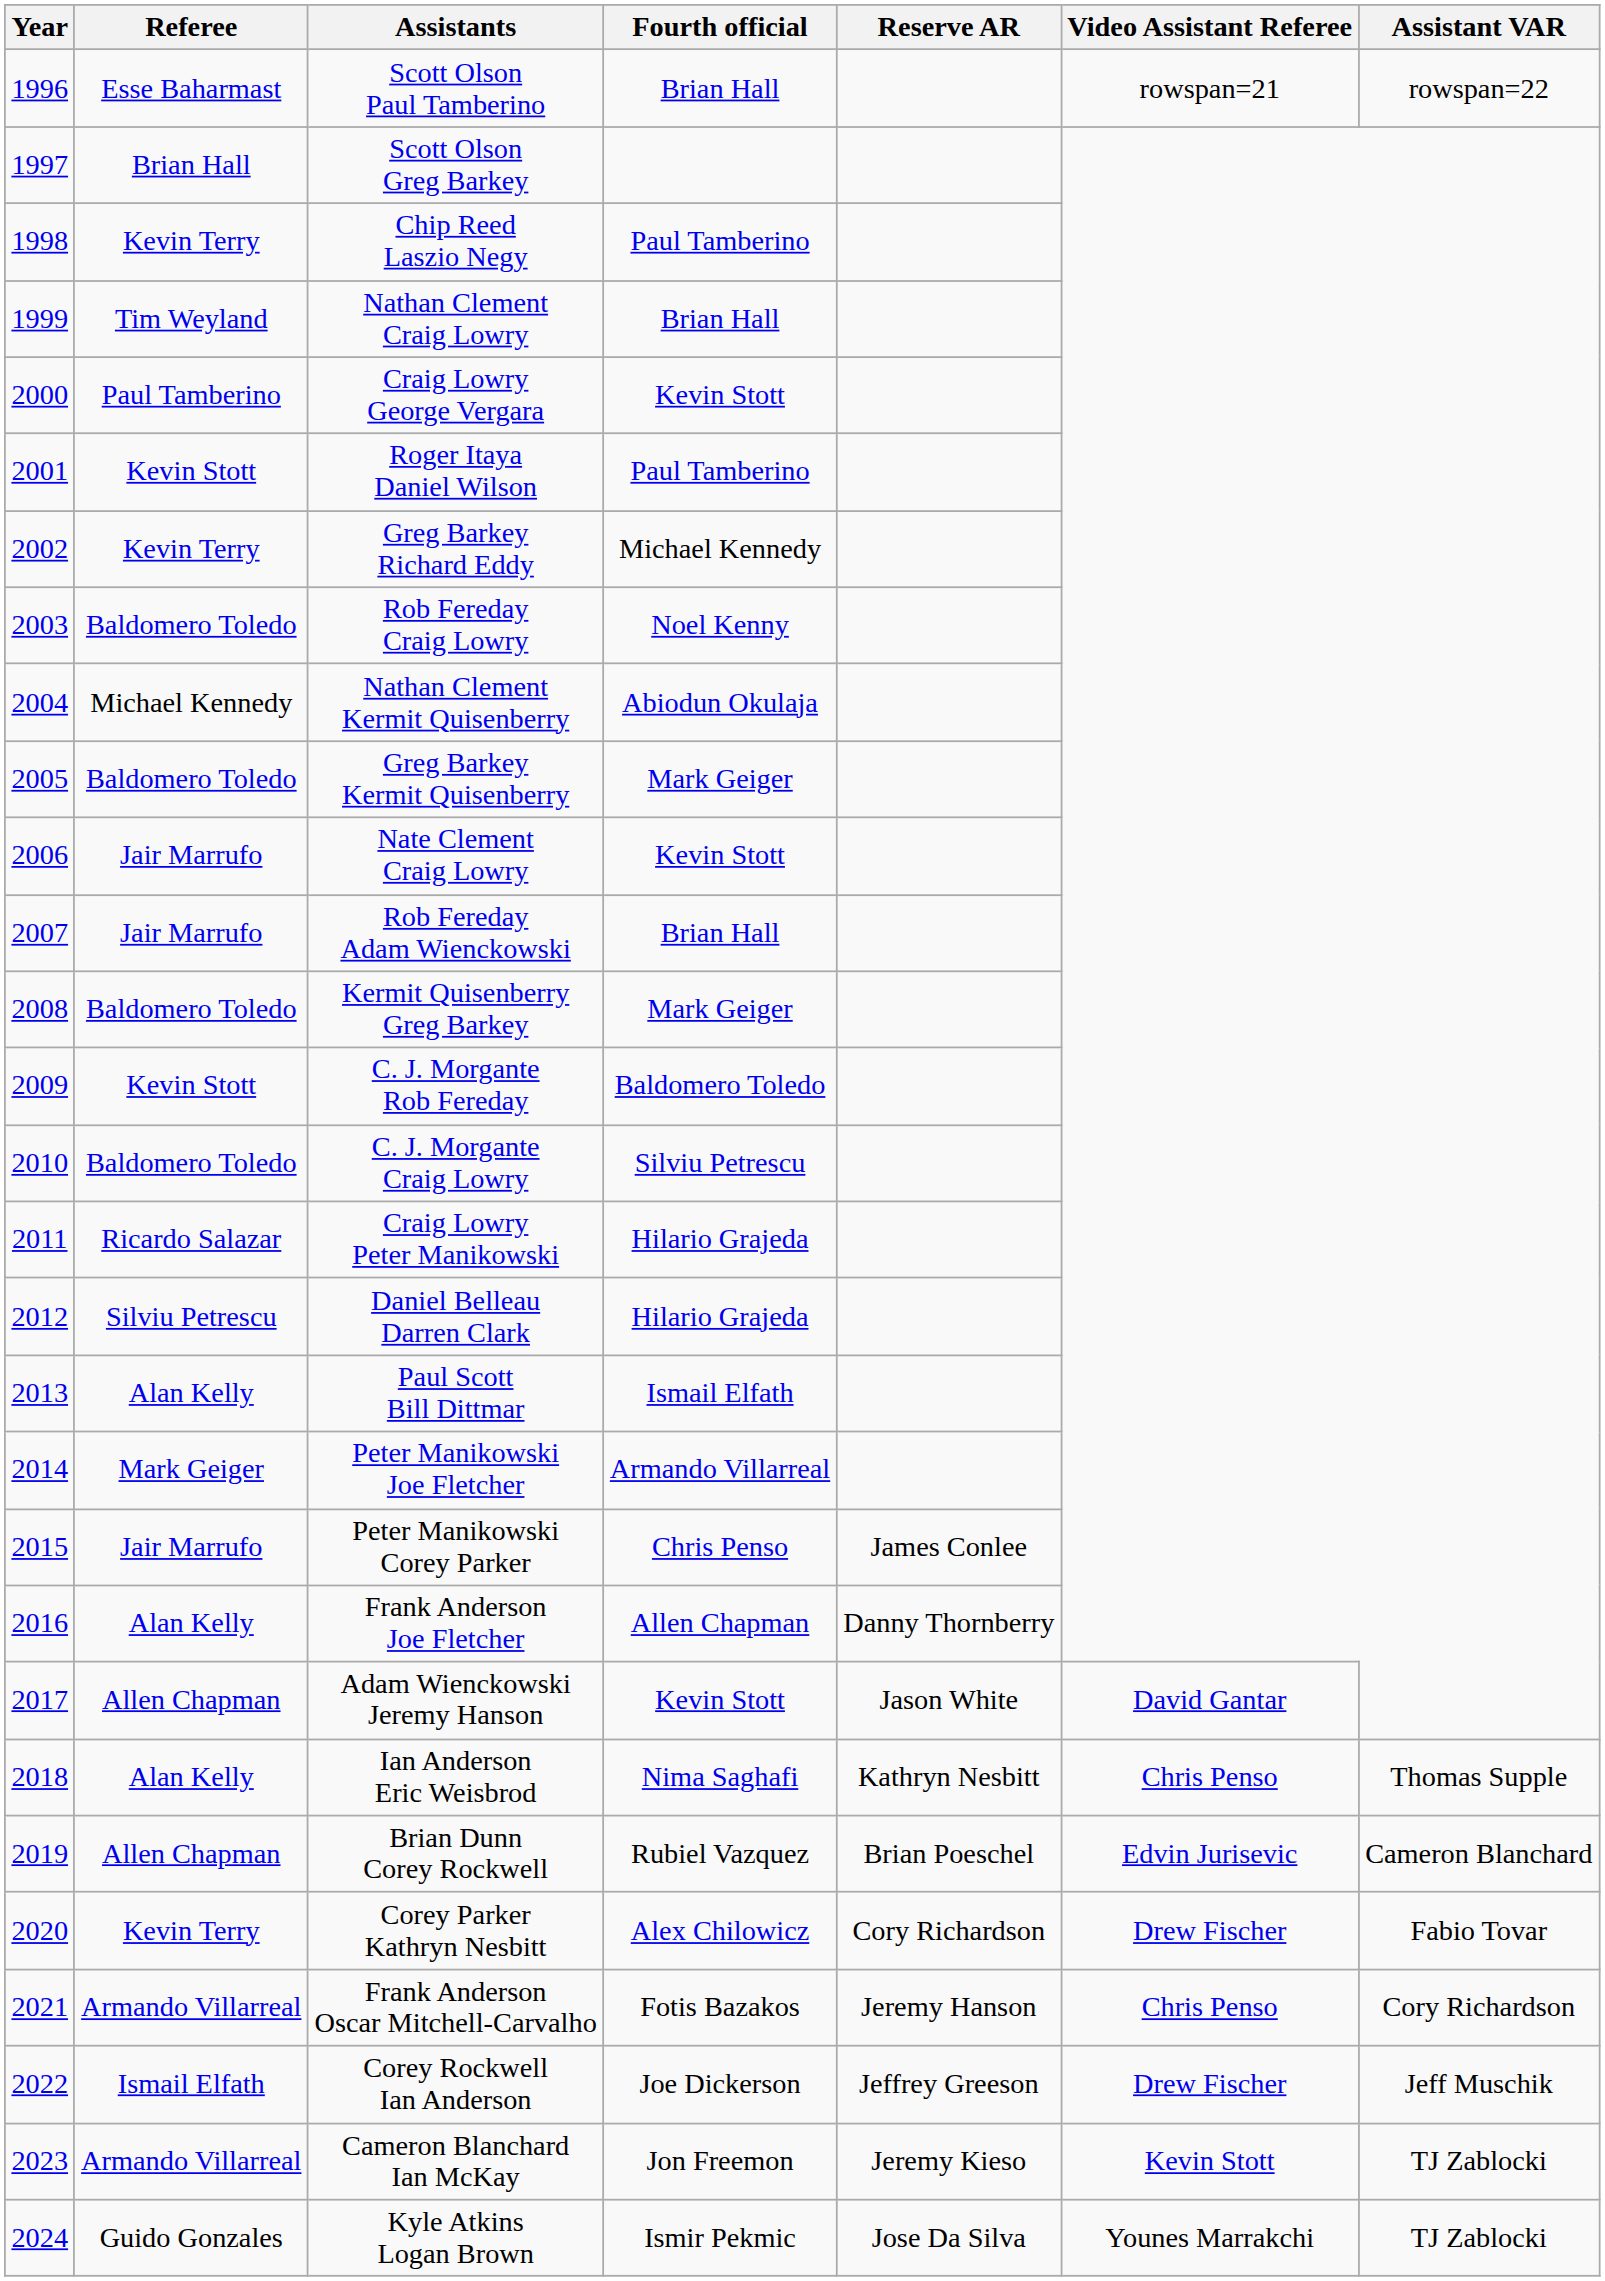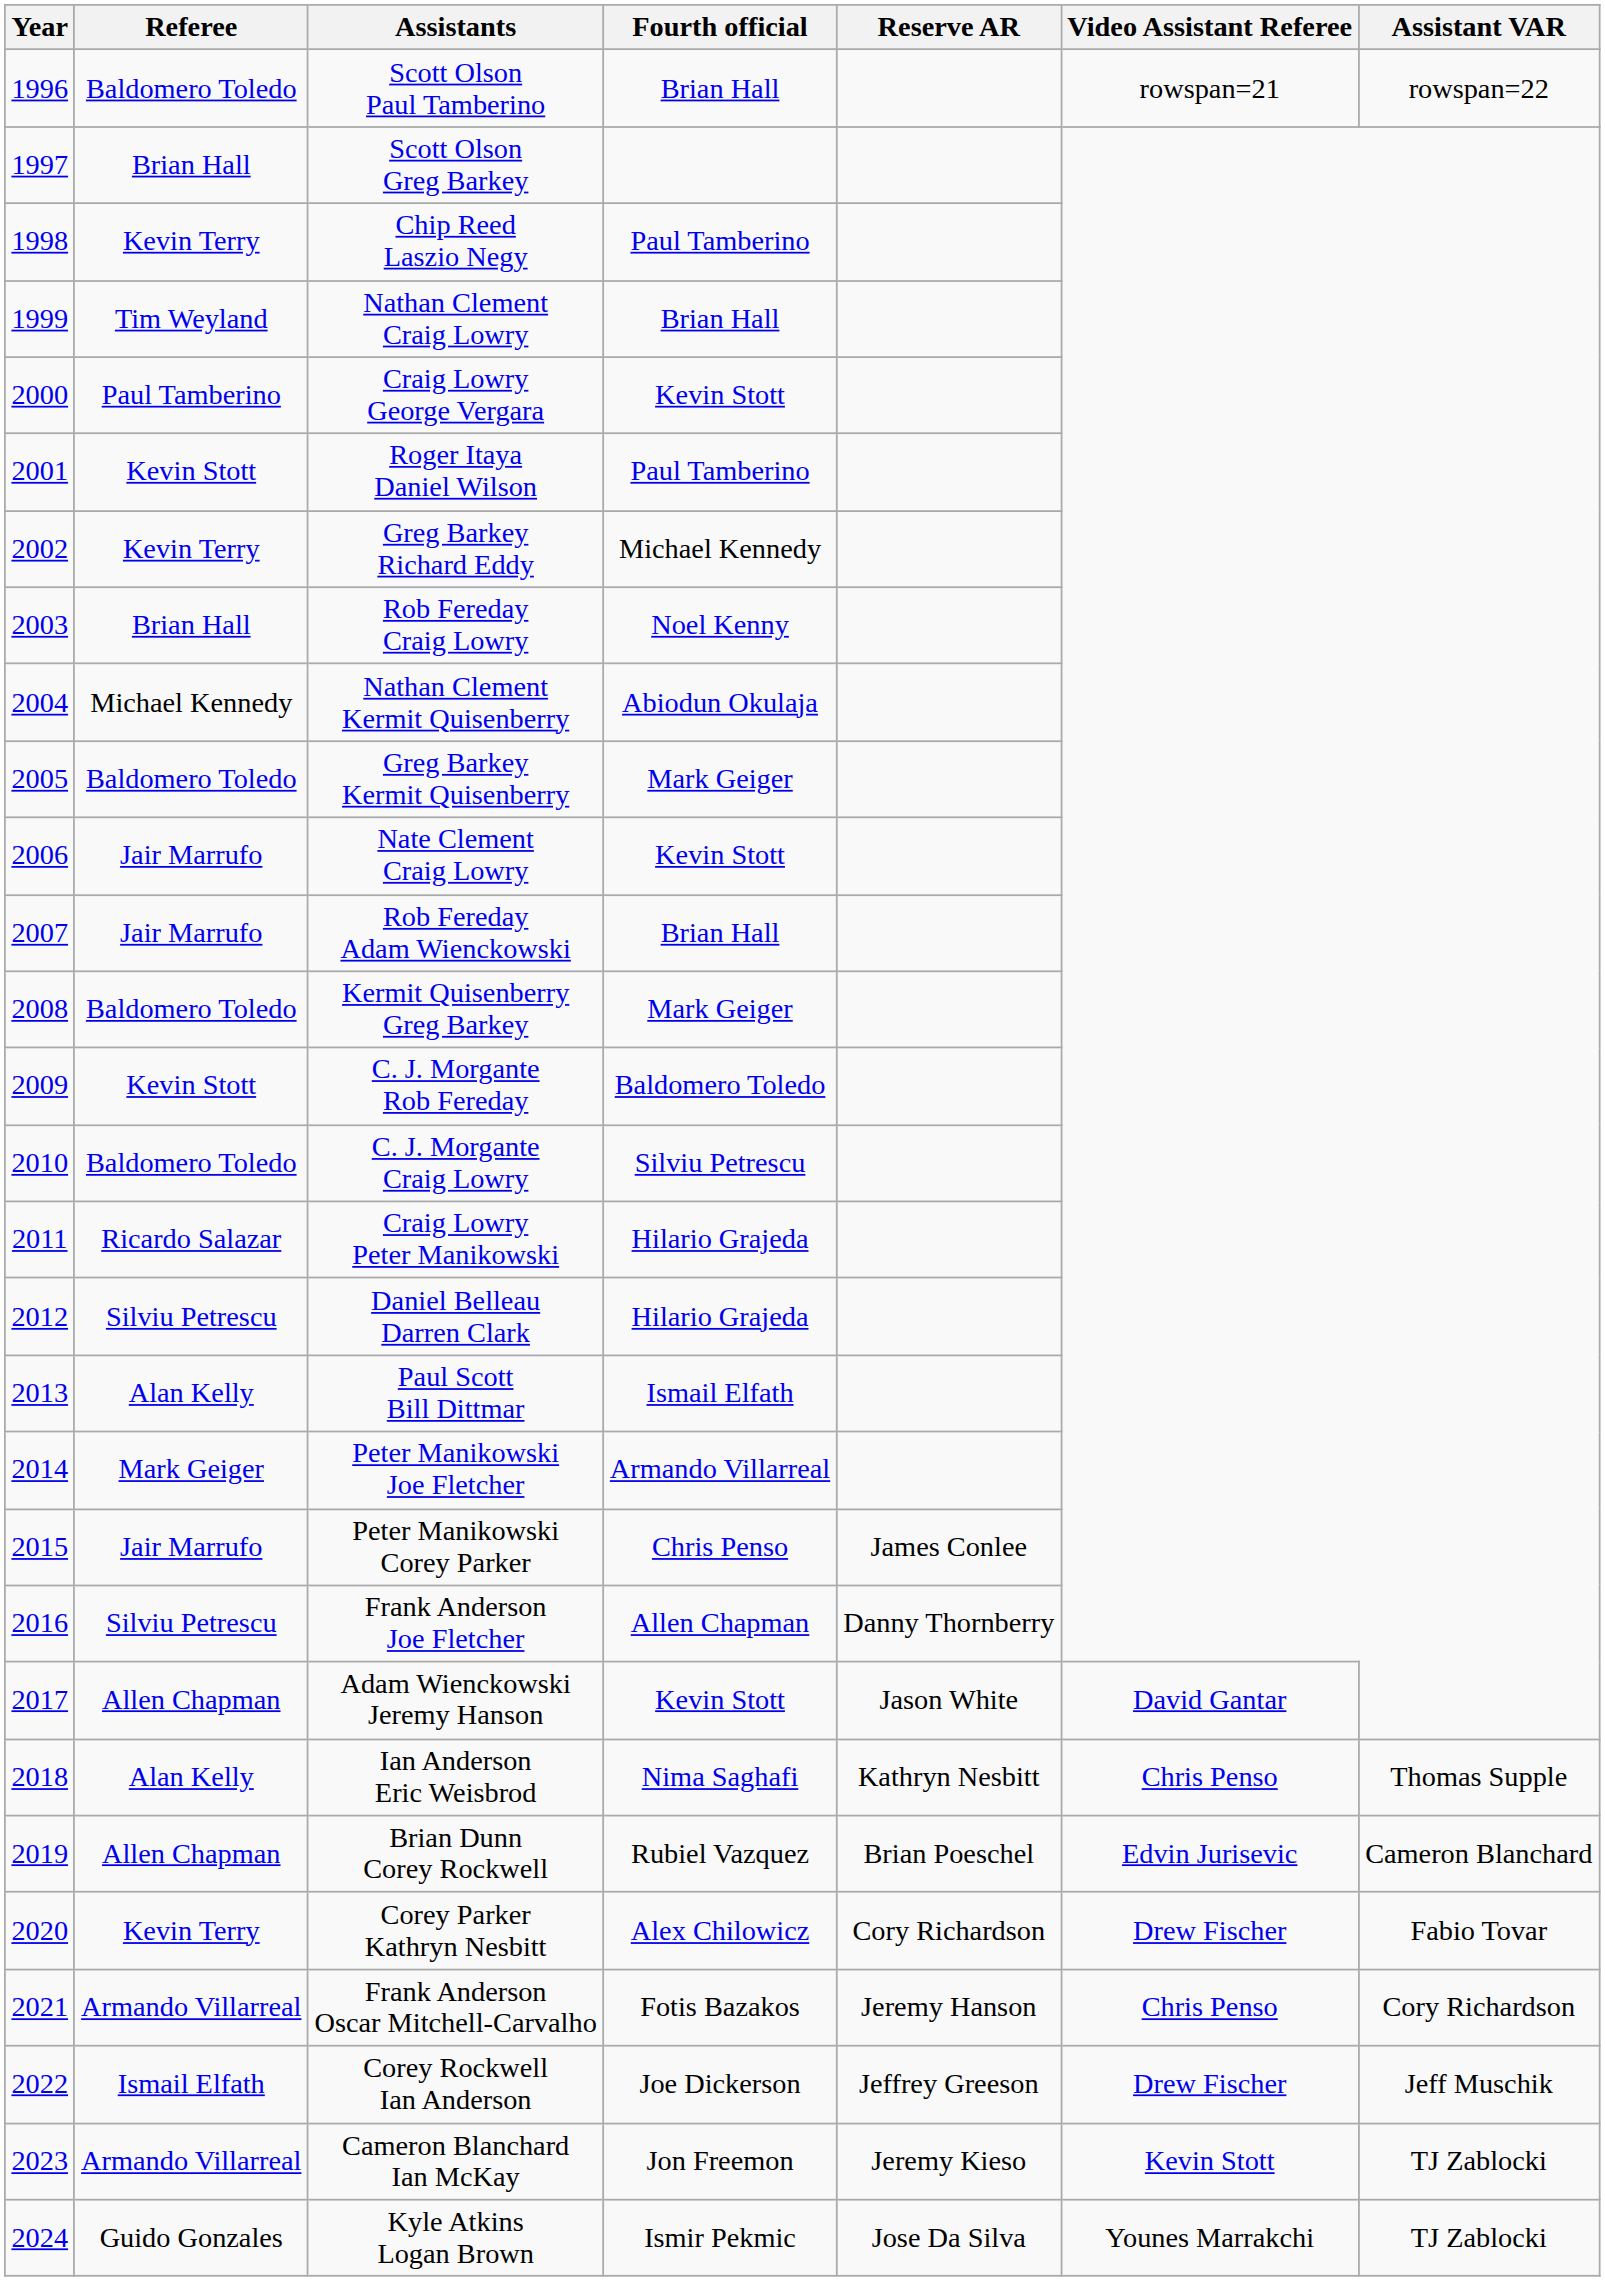 <table class="wikitable" style="text-align:center">
 <tr>
 <th>Year</th>
 <th>Referee</th>
 <th>Assistants</th>
 <th>Fourth official</th>
 <th>Reserve AR</th>
 <th>Video Assistant Referee</th>
 <th>Assistant VAR</th>
 </tr>
 <tr>
 <td><a href='#'>1996</a></td>
-<td><a href='#'>Esse Baharmast</a></td>
+<td><a href='#'>Baldomero Toledo</a></td>
 <td><a href='#'>Scott Olson</a><br><a href='#'>Paul Tamberino</a></td>
 <td><a href='#'>Brian Hall</a></td>
 <td></td>
 <td>rowspan=21</td>
 <td>rowspan=22</td>
 </tr>
 <tr>
 <td><a href='#'>1997</a></td>
 <td><a href='#'>Brian Hall</a></td>
 <td><a href='#'>Scott Olson</a><br><a href='#'>Greg Barkey</a></td>
 <td></td>
 <td></td>
 </tr>
 <tr>
 <td><a href='#'>1998</a></td>
 <td><a href='#'>Kevin Terry</a></td>
 <td><a href='#'>Chip Reed</a><br><a href='#'>Laszio Negy</a></td>
 <td><a href='#'>Paul Tamberino</a></td>
 <td></td>
 </tr>
 <tr>
 <td><a href='#'>1999</a></td>
 <td><a href='#'>Tim Weyland</a></td>
 <td><a href='#'>Nathan Clement</a><br><a href='#'>Craig Lowry</a></td>
 <td><a href='#'>Brian Hall</a></td>
 <td></td>
 </tr>
 <tr>
 <td><a href='#'>2000</a></td>
 <td><a href='#'>Paul Tamberino</a></td>
 <td><a href='#'>Craig Lowry</a><br><a href='#'>George Vergara</a></td>
 <td><a href='#'>Kevin Stott</a></td>
 <td></td>
 </tr>
 <tr>
 <td><a href='#'>2001</a></td>
 <td><a href='#'>Kevin Stott</a></td>
 <td><a href='#'>Roger Itaya</a><br><a href='#'>Daniel Wilson</a></td>
 <td><a href='#'>Paul Tamberino</a></td>
 <td></td>
 </tr>
 <tr>
 <td><a href='#'>2002</a></td>
 <td><a href='#'>Kevin Terry</a></td>
 <td><a href='#'>Greg Barkey</a><br><a href='#'>Richard Eddy</a></td>
 <td>Michael Kennedy</td>
 <td></td>
 </tr>
 <tr>
 <td><a href='#'>2003</a></td>
-<td><a href='#'>Baldomero Toledo</a></td>
+<td><a href='#'>Brian Hall</a></td>
 <td><a href='#'>Rob Fereday</a><br><a href='#'>Craig Lowry</a></td>
 <td><a href='#'>Noel Kenny</a></td>
 <td></td>
 </tr>
 <tr>
 <td><a href='#'>2004</a></td>
 <td>Michael Kennedy</td>
 <td><a href='#'>Nathan Clement</a><br><a href='#'>Kermit Quisenberry</a></td>
 <td><a href='#'>Abiodun Okulaja</a></td>
 <td></td>
 </tr>
 <tr>
 <td><a href='#'>2005</a></td>
 <td><a href='#'>Baldomero Toledo</a></td>
 <td><a href='#'>Greg Barkey</a><br><a href='#'>Kermit Quisenberry</a></td>
 <td><a href='#'>Mark Geiger</a></td>
 <td></td>
 </tr>
 <tr>
 <td><a href='#'>2006</a></td>
 <td><a href='#'>Jair Marrufo</a></td>
 <td><a href='#'>Nate Clement</a><br><a href='#'>Craig Lowry</a></td>
 <td><a href='#'>Kevin Stott</a></td>
 <td></td>
 </tr>
 <tr>
 <td><a href='#'>2007</a></td>
 <td><a href='#'>Jair Marrufo</a></td>
 <td><a href='#'>Rob Fereday</a><br><a href='#'>Adam Wienckowski</a></td>
 <td><a href='#'>Brian Hall</a></td>
 <td></td>
 </tr>
 <tr>
 <td><a href='#'>2008</a></td>
 <td><a href='#'>Baldomero Toledo</a></td>
 <td><a href='#'>Kermit Quisenberry</a><br><a href='#'>Greg Barkey</a></td>
 <td><a href='#'>Mark Geiger</a></td>
 <td></td>
 </tr>
 <tr>
 <td><a href='#'>2009</a></td>
 <td><a href='#'>Kevin Stott</a></td>
 <td><a href='#'>C. J. Morgante</a><br><a href='#'>Rob Fereday</a></td>
 <td><a href='#'>Baldomero Toledo</a></td>
 <td></td>
 </tr>
 <tr>
 <td><a href='#'>2010</a></td>
 <td><a href='#'>Baldomero Toledo</a></td>
 <td><a href='#'>C. J. Morgante</a><br><a href='#'>Craig Lowry</a></td>
 <td><a href='#'>Silviu Petrescu</a></td>
 <td></td>
 </tr>
 <tr>
 <td><a href='#'>2011</a></td>
 <td><a href='#'>Ricardo Salazar</a></td>
 <td><a href='#'>Craig Lowry</a><br><a href='#'>Peter Manikowski</a></td>
 <td><a href='#'>Hilario Grajeda</a></td>
 <td></td>
 </tr>
 <tr>
 <td><a href='#'>2012</a></td>
 <td><a href='#'>Silviu Petrescu</a></td>
 <td><a href='#'>Daniel Belleau</a><br><a href='#'>Darren Clark</a></td>
 <td><a href='#'>Hilario Grajeda</a></td>
 <td></td>
 </tr>
 <tr>
 <td><a href='#'>2013</a></td>
 <td><a href='#'>Alan Kelly</a></td>
 <td><a href='#'>Paul Scott</a><br><a href='#'>Bill Dittmar</a></td>
 <td><a href='#'>Ismail Elfath</a></td>
 <td></td>
 </tr>
 <tr>
 <td><a href='#'>2014</a></td>
 <td><a href='#'>Mark Geiger</a></td>
 <td><a href='#'>Peter Manikowski</a><br><a href='#'>Joe Fletcher</a></td>
 <td><a href='#'>Armando Villarreal</a></td>
 <td></td>
 </tr>
 <tr>
 <td><a href='#'>2015</a></td>
 <td><a href='#'>Jair Marrufo</a></td>
 <td>Peter Manikowski<br>Corey Parker</td>
 <td><a href='#'>Chris Penso</a></td>
 <td>James Conlee</td>
 </tr>
 <tr>
 <td><a href='#'>2016</a></td>
-<td><a href='#'>Alan Kelly</a></td>
+<td><a href='#'>Silviu Petrescu</a></td>
 <td>Frank Anderson<br><a href='#'>Joe Fletcher</a></td>
 <td><a href='#'>Allen Chapman</a></td>
 <td>Danny Thornberry</td>
 </tr>
 <tr>
 <td><a href='#'>2017</a></td>
 <td><a href='#'>Allen Chapman</a></td>
 <td>Adam Wienckowski<br>Jeremy Hanson</td>
 <td><a href='#'>Kevin Stott</a></td>
 <td>Jason White</td>
 <td><a href='#'>David Gantar</a></td>
 </tr>
 <tr>
 <td><a href='#'>2018</a></td>
 <td><a href='#'>Alan Kelly</a></td>
 <td>Ian Anderson<br>Eric Weisbrod</td>
 <td><a href='#'>Nima Saghafi</a></td>
 <td>Kathryn Nesbitt</td>
 <td><a href='#'>Chris Penso</a></td>
 <td>Thomas Supple</td>
 </tr>
 <tr>
 <td><a href='#'>2019</a></td>
 <td><a href='#'>Allen Chapman</a></td>
 <td>Brian Dunn<br>Corey Rockwell</td>
 <td>Rubiel Vazquez</td>
 <td>Brian Poeschel</td>
 <td><a href='#'>Edvin Jurisevic</a></td>
 <td>Cameron Blanchard</td>
 </tr>
 <tr>
 <td><a href='#'>2020</a></td>
 <td><a href='#'>Kevin Terry</a></td>
 <td>Corey Parker<br>Kathryn Nesbitt</td>
 <td><a href='#'>Alex Chilowicz</a></td>
 <td>Cory Richardson</td>
 <td><a href='#'>Drew Fischer</a></td>
 <td>Fabio Tovar</td>
 </tr>
 <tr>
 <td><a href='#'>2021</a></td>
 <td><a href='#'>Armando Villarreal</a></td>
 <td>Frank Anderson<br>Oscar Mitchell-Carvalho</td>
 <td>Fotis Bazakos</td>
 <td>Jeremy Hanson</td>
 <td><a href='#'>Chris Penso</a></td>
 <td>Cory Richardson</td>
 </tr>
 <tr>
 <td><a href='#'>2022</a></td>
 <td><a href='#'>Ismail Elfath</a></td>
 <td>Corey Rockwell<br>Ian Anderson</td>
 <td>Joe Dickerson</td>
 <td>Jeffrey Greeson</td>
 <td><a href='#'>Drew Fischer</a></td>
 <td>Jeff Muschik</td>
 </tr>
 <tr>
 <td><a href='#'>2023</a></td>
 <td><a href='#'>Armando Villarreal</a></td>
 <td>Cameron Blanchard<br>Ian McKay</td>
 <td>Jon Freemon</td>
 <td>Jeremy Kieso</td>
 <td><a href='#'>Kevin Stott</a></td>
 <td>TJ Zablocki</td>
 </tr>
 <tr>
 <td><a href='#'>2024</a></td>
 <td>Guido Gonzales</td>
 <td>Kyle Atkins<br>Logan Brown</td>
 <td>Ismir Pekmic</td>
 <td>Jose Da Silva</td>
 <td>Younes Marrakchi</td>
 <td>TJ Zablocki</td>
 </tr>
 </table>
